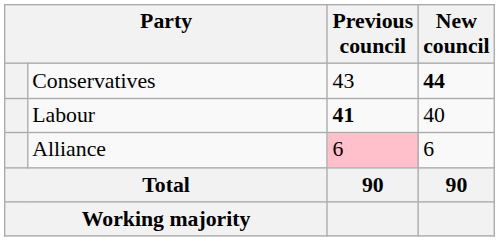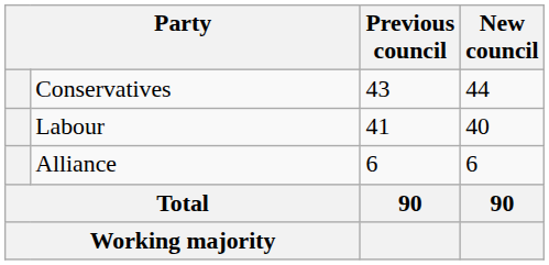 <table class="wikitable">
 <tr>
 <th valign=top colspan="2" style="width: 230px">Party</th>
 <th valign=top style="width: 30px">Previous council</th>
 <th valign=top style="width: 30px">New council</th>
 </tr>
 <tr>
 <th style="background-color: "></th>
 <td>Conservatives</td>
 <td>43</td>
-<td><strong>44</strong></td>
+<td>44</td>
 </tr>
 <tr>
 <th style="background-color: "></th>
 <td>Labour</td>
-<td><strong>41</strong></td>
+<td>41</td>
 <td>40</td>
 </tr>
 <tr>
 <th style="background-color: "></th>
 <td>Alliance</td>
-<td style="background: pink;">6</td>
+<td>6</td>
 <td>6</td>
 </tr>
 <tr>
 <th colspan=2>Total</th>
 <th style="text-align: center">90</th>
 <th colspan=3>90</th>
 </tr>
 <tr>
 <th colspan=2>Working majority</th>
 <th></th>
 <th></th>
 </tr>
 </table>
